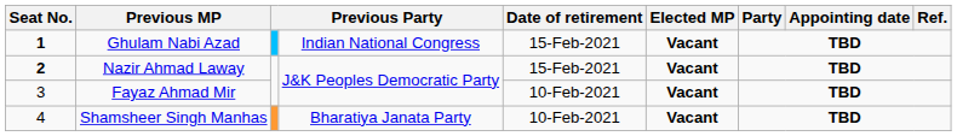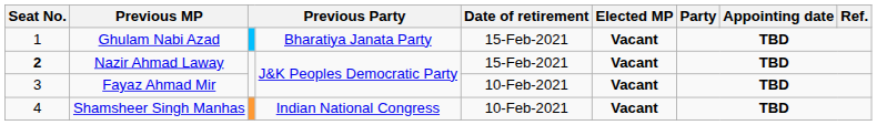 <table class="wikitable sortable" style="text-align:center;">
 <tr>
 <th>Seat No.</th>
 <th>Previous MP</th>
 <th colspan="2">Previous Party</th>
 <th>Date of retirement</th>
 <th>Elected MP</th>
 <th>Party</th>
 <th>Appointing date</th>
 <th>Ref.</th>
 </tr>
 <tr style="text-align:center;">
-<td><strong>1</strong></td>
+<td>1</td>
 <td><a href='#'>Ghulam Nabi Azad</a></td>
 <td bgcolor=#00BFFF></td>
-<td><a href='#'>Indian National Congress</a></td>
+<td><a href='#'>Bharatiya Janata Party</a></td>
 <td>15-Feb-2021</td>
 <td><strong>Vacant</strong></td>
 <td colspan="3"><strong>TBD</strong></td>
 </tr>
 <tr style="text-align:center;">
 <td><strong>2</strong></td>
 <td><a href='#'>Nazir Ahmad Laway</a></td>
 <td rowspan="2"></td>
 <td rowspan="2"><a href='#'>J&K Peoples Democratic Party</a></td>
 <td>15-Feb-2021</td>
 <td><strong>Vacant</strong></td>
 <td colspan="3"><strong>TBD</strong> </td>
 </tr>
 <tr style="text-align:center;">
 <td>3</td>
 <td><a href='#'>Fayaz Ahmad Mir</a></td>
 <td>10-Feb-2021</td>
 <td><strong>Vacant</strong></td>
 <td colspan="3"><strong> TBD </strong></td>
 </tr>
 <tr style="text-align:center;">
 <td>4</td>
 <td><a href='#'>Shamsheer Singh Manhas</a></td>
 <td bgcolor=#FF9933></td>
-<td><a href='#'>Bharatiya Janata Party</a></td>
+<td><a href='#'>Indian National Congress</a></td>
 <td>10-Feb-2021</td>
 <td><strong>Vacant</strong></td>
 <td colspan="3"><strong> TBD </strong></td>
 </tr>
 </table>
